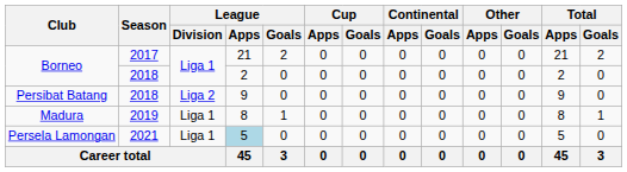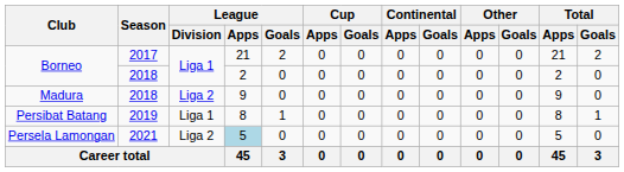 <table class="wikitable" style="text-align:center">
 <tr>
 <th rowspan="2">Club</th>
 <th rowspan="2">Season</th>
 <th colspan="3">League</th>
 <th colspan="2">Cup</th>
 <th colspan="2">Continental</th>
 <th colspan="2">Other</th>
 <th colspan="2">Total</th>
 </tr>
 <tr>
 <th>Division</th>
 <th>Apps</th>
 <th>Goals</th>
 <th>Apps</th>
 <th>Goals</th>
 <th>Apps</th>
 <th>Goals</th>
 <th>Apps</th>
 <th>Goals</th>
 <th>Apps</th>
 <th>Goals</th>
 </tr>
 <tr>
 <td rowspan="2" valign="center"><a href='#'>Borneo</a></td>
 <td><a href='#'>2017</a></td>
 <td rowspan="2" valign="center"><a href='#'>Liga 1</a></td>
 <td>21</td>
 <td>2</td>
 <td>0</td>
 <td>0</td>
 <td>0</td>
 <td>0</td>
 <td>0</td>
 <td>0</td>
 <td>21</td>
 <td>2</td>
 </tr>
 <tr>
 <td><a href='#'>2018</a></td>
 <td>2</td>
 <td>0</td>
 <td>0</td>
 <td>0</td>
 <td>0</td>
 <td>0</td>
 <td>0</td>
 <td>0</td>
 <td>2</td>
 <td>0</td>
 </tr>
 <tr>
-<td rowspan="1" valign="center"><a href='#'>Persibat Batang</a></td>
+<td rowspan="1" valign="center"><a href='#'>Madura</a></td>
 <td><a href='#'>2018</a></td>
 <td rowspan="1" valign="center"><a href='#'>Liga 2</a></td>
 <td>9</td>
 <td>0</td>
 <td>0</td>
 <td>0</td>
 <td>0</td>
 <td>0</td>
 <td>0</td>
 <td>0</td>
 <td>9</td>
 <td>0</td>
 </tr>
 <tr>
-<td rowspan="1" valign="center"><a href='#'>Madura</a></td>
+<td rowspan="1" valign="center"><a href='#'>Persibat Batang</a></td>
 <td><a href='#'>2019</a></td>
 <td rowspan="1" valign="center">Liga 1</td>
 <td>8</td>
 <td>1</td>
 <td>0</td>
 <td>0</td>
 <td>0</td>
 <td>0</td>
 <td>0</td>
 <td>0</td>
 <td>8</td>
 <td>1</td>
 </tr>
 <tr>
 <td rowspan="1" valign="center"><a href='#'>Persela Lamongan</a></td>
 <td><a href='#'>2021</a></td>
-<td rowspan="1" valign="center">Liga 1</td>
+<td rowspan="1" valign="center">Liga 2</td>
 <td style="background: lightblue;">5</td>
 <td>0</td>
 <td>0</td>
 <td>0</td>
 <td>0</td>
 <td>0</td>
 <td>0</td>
 <td>0</td>
 <td>5</td>
 <td>0</td>
 </tr>
 <tr>
 <th colspan="3">Career total</th>
 <th>45</th>
 <th>3</th>
 <th>0</th>
 <th>0</th>
 <th>0</th>
 <th>0</th>
 <th>0</th>
 <th>0</th>
 <th>45</th>
 <th>3</th>
 </tr>
 </table>
